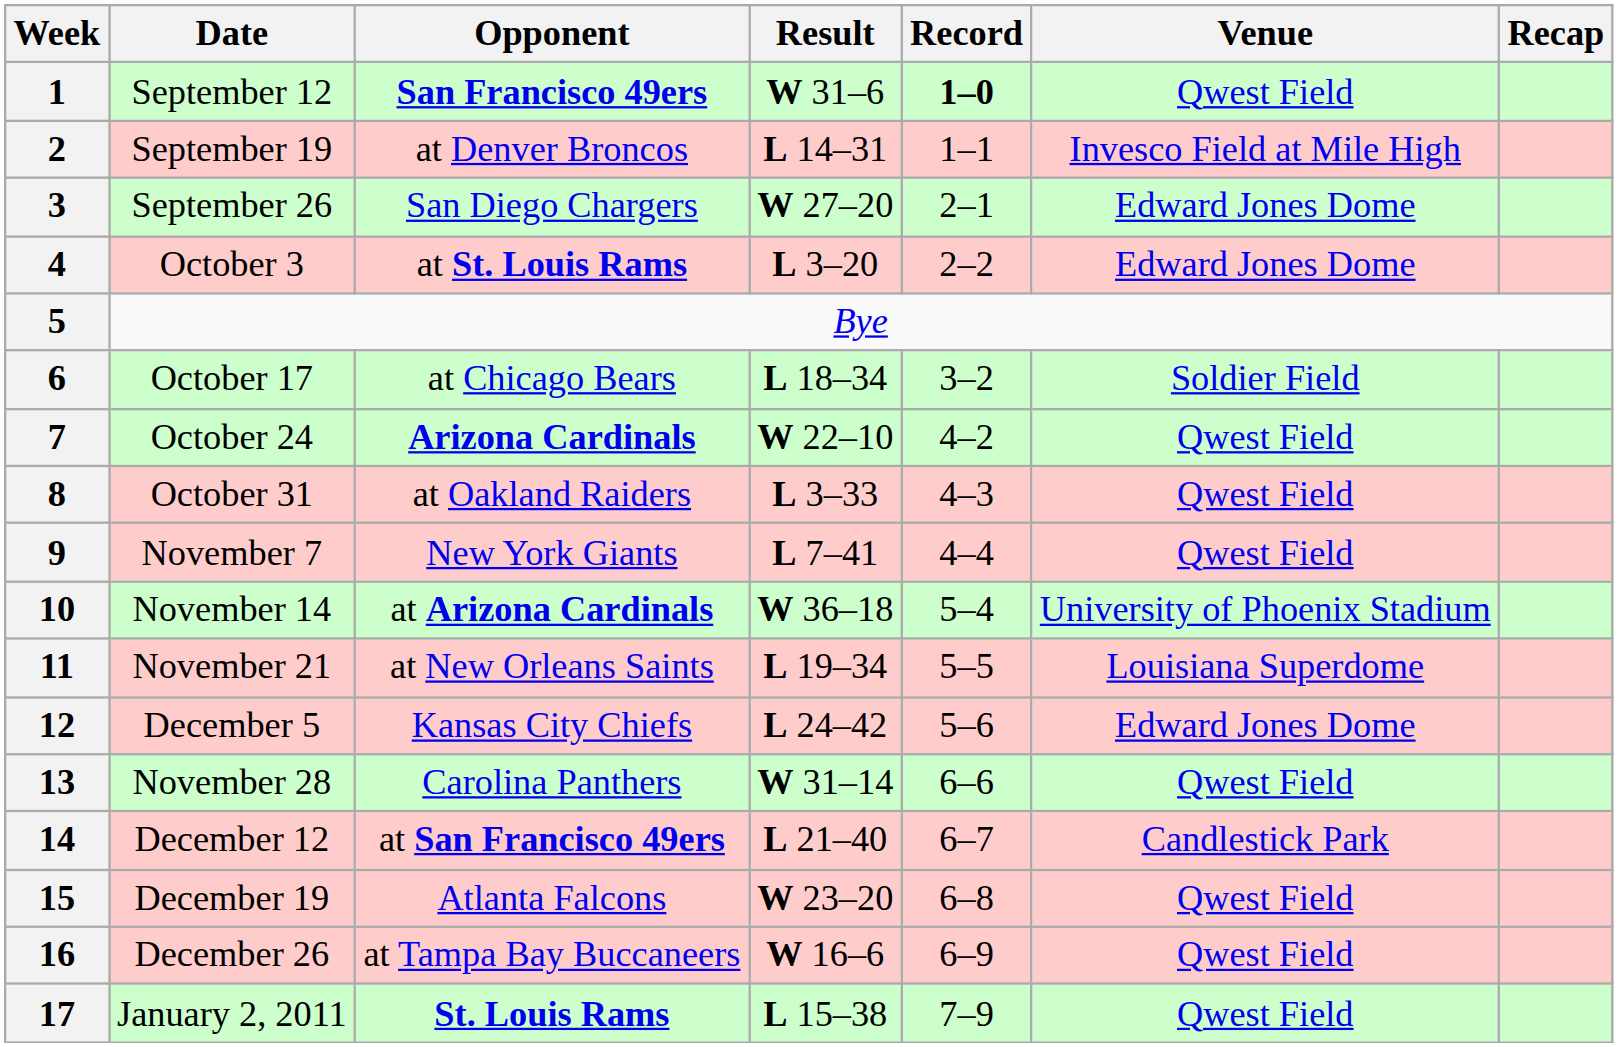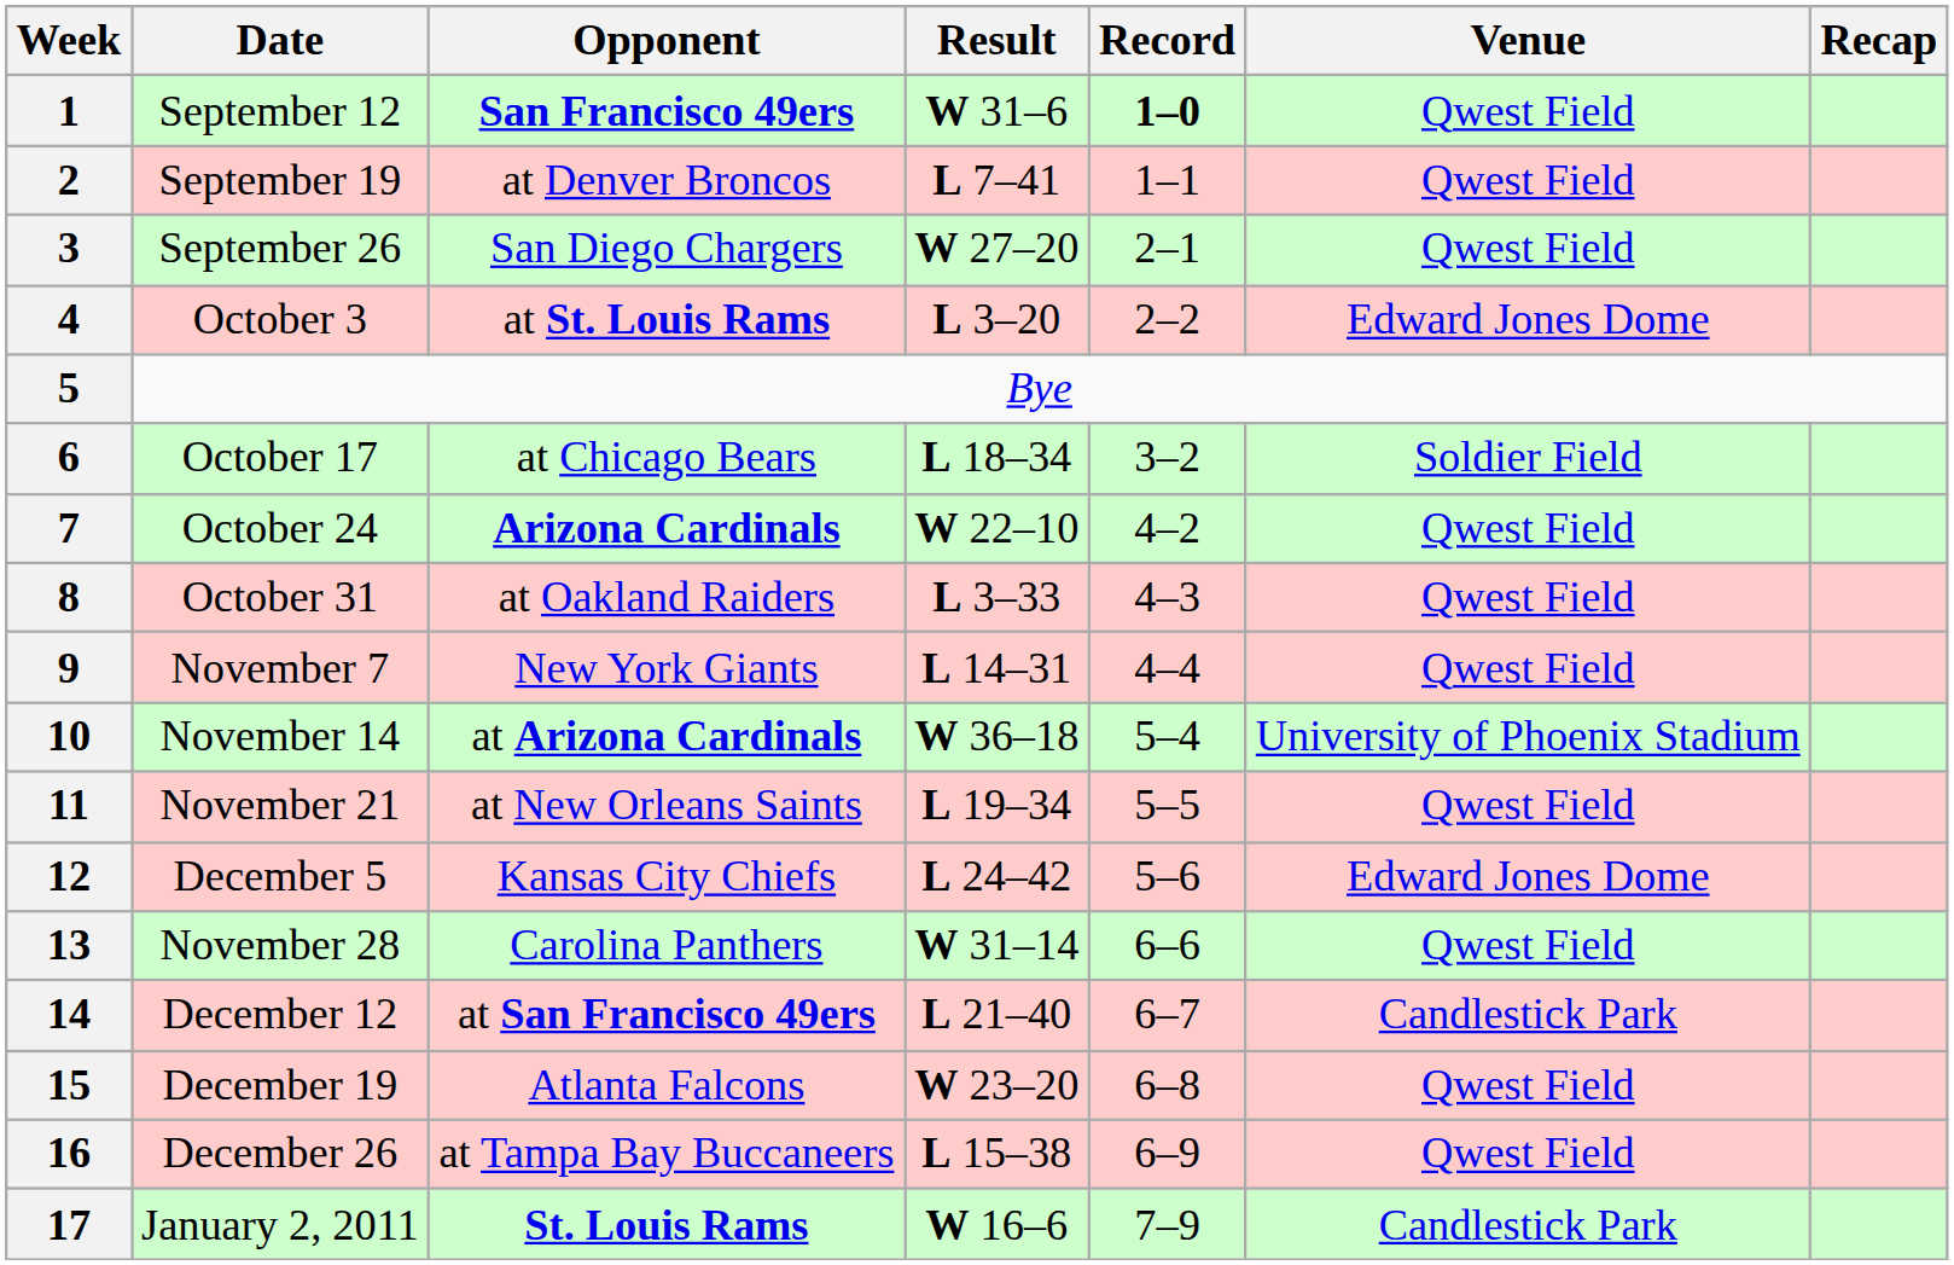 <table class="wikitable" style="text-align:center">
 <tr>
 <th>Week</th>
 <th>Date</th>
 <th>Opponent</th>
 <th>Result</th>
 <th>Record</th>
 <th>Venue</th>
 <th>Recap</th>
 </tr>
 <tr style="background:#cfc">
 <th>1</th>
 <td>September 12</td>
 <td><strong><a href='#'>San Francisco 49ers</a></strong></td>
 <td><strong>W</strong> 31–6</td>
 <td><strong>1–0</strong></td>
 <td><a href='#'>Qwest Field</a></td>
 <td></td>
 </tr>
 <tr style="background:#fcc">
 <th>2</th>
 <td>September 19</td>
 <td>at <a href='#'>Denver Broncos</a></td>
-<td><strong>L</strong> 14–31</td>
+<td><strong>L</strong> 7–41</td>
 <td>1–1</td>
-<td><a href='#'>Invesco Field at Mile High</a></td>
+<td><a href='#'>Qwest Field</a></td>
 <td></td>
 </tr>
 <tr style="background:#cfc">
 <th>3</th>
 <td>September 26</td>
 <td><a href='#'>San Diego Chargers</a></td>
 <td><strong>W</strong> 27–20</td>
 <td>2–1</td>
-<td><a href='#'>Edward Jones Dome</a></td>
+<td><a href='#'>Qwest Field</a></td>
 <td></td>
 </tr>
 <tr style="background:#fcc">
 <th>4</th>
 <td>October 3</td>
 <td>at <strong><a href='#'>St. Louis Rams</a></strong></td>
 <td><strong>L</strong> 3–20</td>
 <td>2–2</td>
 <td><a href='#'>Edward Jones Dome</a></td>
 <td></td>
 </tr>
 <tr>
 <th>5</th>
 <td colspan="6"><em><a href='#'>Bye</a></em></td>
 </tr>
 <tr style="background:#cfc">
 <th>6</th>
 <td>October 17</td>
 <td>at <a href='#'>Chicago Bears</a></td>
 <td><strong>L</strong> 18–34</td>
 <td>3–2</td>
 <td><a href='#'>Soldier Field</a></td>
 <td></td>
 </tr>
 <tr style="background:#cfc">
 <th>7</th>
 <td>October 24</td>
 <td><strong><a href='#'>Arizona Cardinals</a></strong></td>
 <td><strong>W</strong> 22–10</td>
 <td>4–2</td>
 <td><a href='#'>Qwest Field</a></td>
 <td></td>
 </tr>
 <tr style="background: #fcc">
 <th>8</th>
 <td>October 31</td>
 <td>at <a href='#'>Oakland Raiders</a></td>
 <td><strong>L</strong> 3–33</td>
 <td>4–3</td>
 <td><a href='#'>Qwest Field</a></td>
 <td></td>
 </tr>
 <tr style="background: #fcc">
 <th>9</th>
 <td>November 7</td>
 <td><a href='#'>New York Giants</a></td>
-<td><strong>L</strong> 7–41</td>
+<td><strong>L</strong> 14–31</td>
 <td>4–4</td>
 <td><a href='#'>Qwest Field</a></td>
 <td></td>
 </tr>
 <tr style="background:#cfc">
 <th>10</th>
 <td>November 14</td>
 <td>at <strong><a href='#'>Arizona Cardinals</a></strong></td>
 <td><strong>W</strong> 36–18</td>
 <td>5–4</td>
 <td><a href='#'>University of Phoenix Stadium</a></td>
 <td></td>
 </tr>
 <tr style="background: #fcc">
 <th>11</th>
 <td>November 21</td>
 <td>at <a href='#'>New Orleans Saints</a></td>
 <td><strong>L</strong> 19–34</td>
 <td>5–5</td>
-<td><a href='#'>Louisiana Superdome</a></td>
+<td><a href='#'>Qwest Field</a></td>
 <td></td>
 </tr>
 <tr style="background:#fcc">
 <th>12</th>
 <td>December 5</td>
 <td><a href='#'>Kansas City Chiefs</a></td>
 <td><strong>L</strong> 24–42</td>
 <td>5–6</td>
 <td><a href='#'>Edward Jones Dome</a></td>
 <td></td>
 </tr>
 <tr style="background:#cfc">
 <th>13</th>
 <td>November 28</td>
 <td><a href='#'>Carolina Panthers</a></td>
 <td><strong>W</strong> 31–14</td>
 <td>6–6</td>
 <td><a href='#'>Qwest Field</a></td>
 <td></td>
 </tr>
 <tr style="background:#fcc">
 <th>14</th>
 <td>December 12</td>
 <td>at <strong><a href='#'>San Francisco 49ers</a></strong></td>
 <td><strong>L</strong> 21–40</td>
 <td>6–7</td>
 <td><a href='#'>Candlestick Park</a></td>
 <td></td>
 </tr>
 <tr style="background:#fcc">
 <th>15</th>
 <td>December 19</td>
 <td><a href='#'>Atlanta Falcons</a></td>
 <td><strong>W</strong> 23–20</td>
 <td>6–8</td>
 <td><a href='#'>Qwest Field</a></td>
 <td></td>
 </tr>
 <tr style="background:#fcc">
 <th>16</th>
 <td>December 26</td>
 <td>at <a href='#'>Tampa Bay Buccaneers</a></td>
-<td><strong>W</strong> 16–6</td>
+<td><strong>L</strong> 15–38</td>
 <td>6–9</td>
 <td><a href='#'>Qwest Field</a></td>
 <td></td>
 </tr>
 <tr style="background:#cfc">
 <th>17</th>
 <td>January 2, 2011</td>
 <td><strong><a href='#'>St. Louis Rams</a></strong></td>
-<td><strong>L</strong> 15–38</td>
+<td><strong>W</strong> 16–6</td>
 <td>7–9</td>
-<td><a href='#'>Qwest Field</a></td>
+<td><a href='#'>Candlestick Park</a></td>
 <td></td>
 </tr>
 </table>
